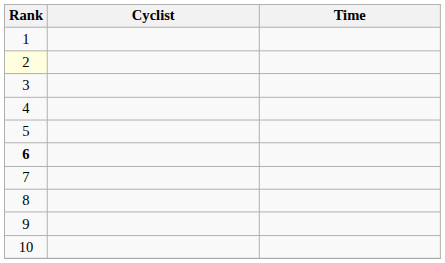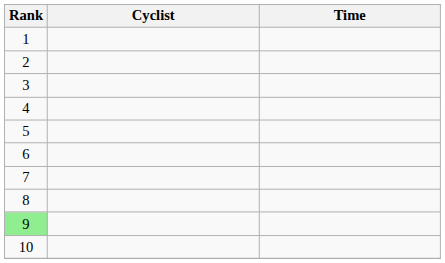 <table class="wikitable" style="width:30em;margin-bottom:0;">
 <tr>
 <th>Rank</th>
 <th>Cyclist</th>
 <th>Time</th>
 </tr>
 <tr>
 <td style="width:40px; text-align:center;">1</td>
 <td style="width:225px;"></td>
 <td align="right"></td>
 </tr>
 <tr>
-<td style="background: lightyellow; text-align:center;">2</td>
+<td style="text-align:center;">2</td>
 <td></td>
 <td align="right"></td>
 </tr>
 <tr>
 <td style="text-align:center;">3</td>
 <td></td>
 <td align="right"></td>
 </tr>
 <tr>
 <td style="text-align:center;">4</td>
 <td></td>
 <td align="right"></td>
 </tr>
 <tr>
 <td style="text-align:center;">5</td>
 <td></td>
 <td align="right"></td>
 </tr>
 <tr>
-<td style="text-align:center;"><strong>6</strong></td>
+<td style="text-align:center;">6</td>
 <td></td>
 <td align="right"></td>
 </tr>
 <tr>
 <td style="text-align:center;">7</td>
 <td></td>
 <td align="right"></td>
 </tr>
 <tr>
 <td style="text-align:center;">8</td>
 <td></td>
 <td align="right"></td>
 </tr>
 <tr>
-<td style="text-align:center;">9</td>
+<td style="background: lightgreen; text-align:center;">9</td>
 <td></td>
 <td align="right"></td>
 </tr>
 <tr>
 <td style="text-align:center;">10</td>
 <td></td>
 <td align="right"></td>
 </tr>
 <tr>
 </tr>
 </table>
